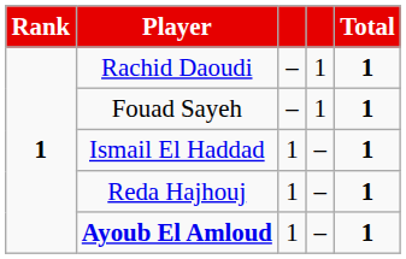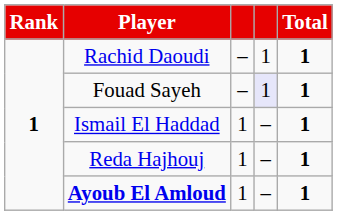 <table class="wikitable sortable" border="0" style="text-align:center;font-size:95%">
 <tr>
 <th scope="col" style="color:#FFFFFF; background:#E60000;">Rank</th>
 <th scope="col" style="color:#FFFFFF; background:#E60000;">Player</th>
 <th scope="col" style="color:#FFFFFF; background:#E60000;" width="10"><a href='#'></a></th>
 <th scope="col" style="color:#FFFFFF; background:#E60000;" width="10"><a href='#'></a></th>
 <th scope="col" style="color:#FFFFFF; background:#E60000;">Total</th>
 </tr>
 <tr>
 <td rowspan="5"><strong>1</strong></td>
 <td> <a href='#'>Rachid Daoudi</a></td>
 <td align="center">–</td>
 <td>1</td>
 <td><strong>1</strong></td>
 </tr>
 <tr>
 <td> Fouad Sayeh</td>
 <td align="center">–</td>
-<td>1</td>
+<td style="background: lavender;">1</td>
 <td><strong>1</strong></td>
 </tr>
 <tr>
 <td> <a href='#'>Ismail El Haddad</a></td>
 <td align="center">1</td>
 <td>–</td>
 <td><strong>1</strong></td>
 </tr>
 <tr>
 <td> <a href='#'>Reda Hajhouj</a></td>
 <td align="center">1</td>
 <td>–</td>
 <td><strong>1</strong></td>
 </tr>
 <tr>
 <td> <strong><a href='#'>Ayoub El Amloud</a></strong></td>
 <td align="center">1</td>
 <td>–</td>
 <td><strong>1</strong></td>
 </tr>
 </table>
